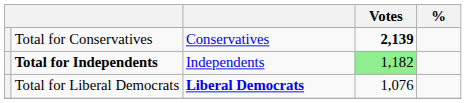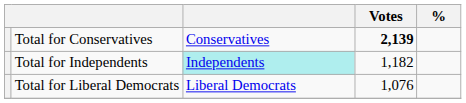 <table class="wikitable">
 <tr>
 <th valign=top colspan="2" style="width: 180px"></th>
 <th valign=top style="width: 180px"></th>
 <th valign=top style="width: 60px">Votes</th>
 <th valign=top style="width: 40px">%</th>
 </tr>
 <tr>
 <th style="background-color: "></th>
 <td>Total for Conservatives</td>
 <td><a href='#'>Conservatives</a></td>
 <td align="right"><strong>2,139</strong></td>
 <td align="right"></td>
 </tr>
 <tr>
 <th style="background-color: "></th>
-<td><strong>Total for Independents</strong></td>
-<td><a href='#'>Independents</a></td>
-<td align="right" style="background: lightgreen;">1,182</td>
+<td>Total for Independents</td>
+<td style="background: paleturquoise;"><a href='#'>Independents</a></td>
+<td align="right">1,182</td>
 <td align="right"></td>
 </tr>
 <tr>
 <th style="background-color: "></th>
 <td>Total for Liberal Democrats</td>
-<td><strong><a href='#'>Liberal Democrats</a></strong></td>
+<td><a href='#'>Liberal Democrats</a></td>
 <td align="right">1,076</td>
 <td align="right"></td>
 </tr>
 <tr>
 </tr>
 </table>
